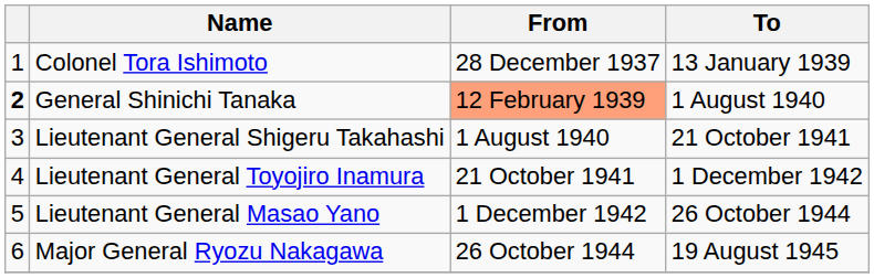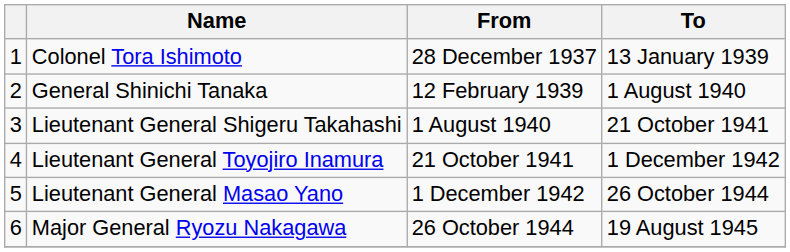 <table class=wikitable>
 <tr>
 <th></th>
 <th>Name</th>
 <th>From</th>
 <th>To</th>
 </tr>
 <tr>
 <td>1</td>
 <td>Colonel <a href='#'>Tora Ishimoto</a></td>
 <td>28 December 1937</td>
 <td>13 January 1939</td>
 </tr>
 <tr>
-<td><strong>2</strong></td>
+<td>2</td>
 <td>General Shinichi Tanaka</td>
-<td style="background: lightsalmon;">12 February 1939</td>
+<td>12 February 1939</td>
 <td>1 August 1940</td>
 </tr>
 <tr>
 <td>3</td>
 <td>Lieutenant General Shigeru Takahashi</td>
 <td>1 August 1940</td>
 <td>21 October 1941</td>
 </tr>
 <tr>
 <td>4</td>
 <td>Lieutenant General <a href='#'>Toyojiro Inamura</a></td>
 <td>21 October 1941</td>
 <td>1 December 1942</td>
 </tr>
 <tr>
 <td>5</td>
 <td>Lieutenant General <a href='#'>Masao Yano</a></td>
 <td>1 December 1942</td>
 <td>26 October 1944</td>
 </tr>
 <tr>
 <td>6</td>
 <td>Major General <a href='#'>Ryozu Nakagawa</a></td>
 <td>26 October 1944</td>
 <td>19 August 1945</td>
 </tr>
 <tr>
 </tr>
 </table>
